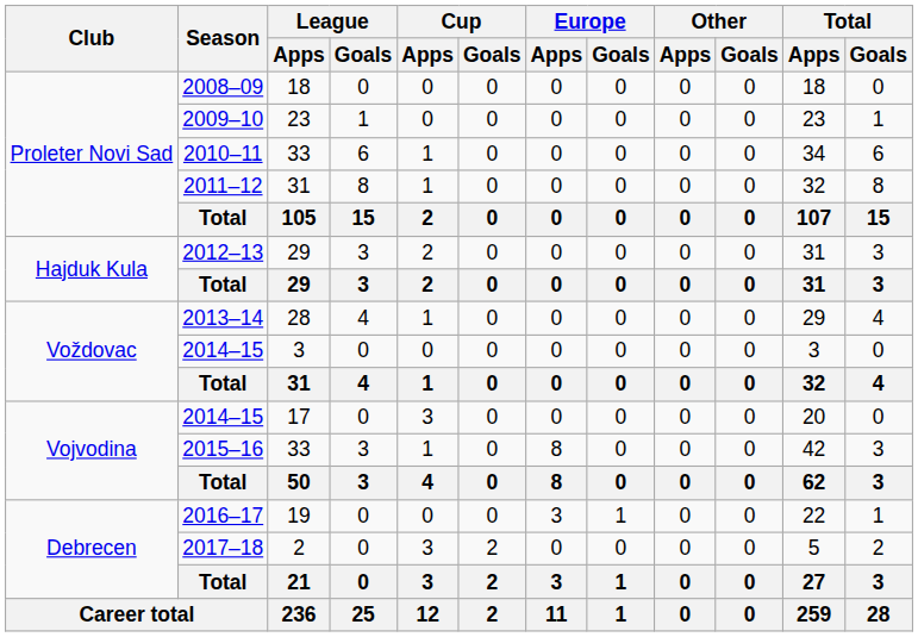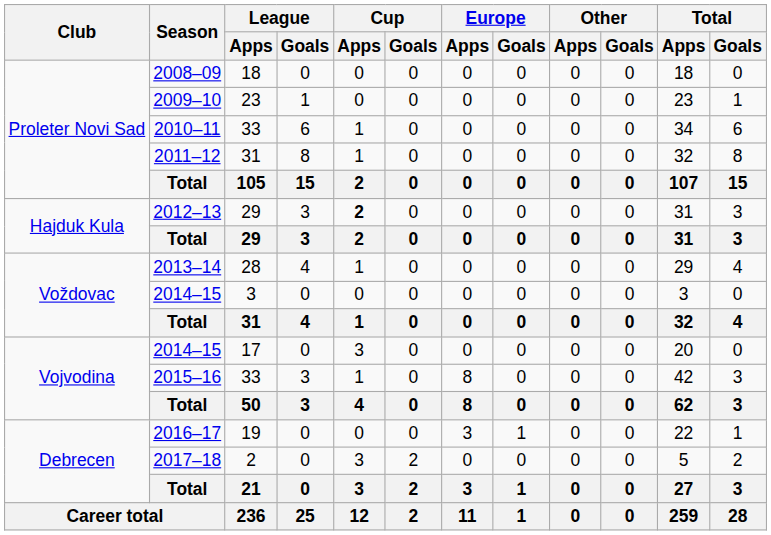 <table class="wikitable" style="text-align:center">
 <tr>
 <th rowspan="2">Club</th>
 <th rowspan="2">Season</th>
 <th colspan="2">League</th>
 <th colspan="2">Cup</th>
 <th colspan="2"><a href='#'>Europe</a></th>
 <th colspan="2">Other</th>
 <th colspan="2">Total</th>
 </tr>
 <tr>
 <th>Apps</th>
 <th>Goals</th>
 <th>Apps</th>
 <th>Goals</th>
 <th>Apps</th>
 <th>Goals</th>
 <th>Apps</th>
 <th>Goals</th>
 <th>Apps</th>
 <th>Goals</th>
 </tr>
 <tr>
 <td rowspan="5"><a href='#'>Proleter Novi Sad</a></td>
 <td><a href='#'>2008–09</a></td>
 <td>18</td>
 <td>0</td>
 <td>0</td>
 <td>0</td>
 <td>0</td>
 <td>0</td>
 <td>0</td>
 <td>0</td>
 <td>18</td>
 <td>0</td>
 </tr>
 <tr>
 <td><a href='#'>2009–10</a></td>
 <td>23</td>
 <td>1</td>
 <td>0</td>
 <td>0</td>
 <td>0</td>
 <td>0</td>
 <td>0</td>
 <td>0</td>
 <td>23</td>
 <td>1</td>
 </tr>
 <tr>
 <td><a href='#'>2010–11</a></td>
 <td>33</td>
 <td>6</td>
 <td>1</td>
 <td>0</td>
 <td>0</td>
 <td>0</td>
 <td>0</td>
 <td>0</td>
 <td>34</td>
 <td>6</td>
 </tr>
 <tr>
 <td><a href='#'>2011–12</a></td>
 <td>31</td>
 <td>8</td>
 <td>1</td>
 <td>0</td>
 <td>0</td>
 <td>0</td>
 <td>0</td>
 <td>0</td>
 <td>32</td>
 <td>8</td>
 </tr>
 <tr>
 <th>Total</th>
 <th>105</th>
 <th>15</th>
 <th>2</th>
 <th>0</th>
 <th>0</th>
 <th>0</th>
 <th>0</th>
 <th>0</th>
 <th>107</th>
 <th>15</th>
 </tr>
 <tr>
 <td rowspan="2"><a href='#'>Hajduk Kula</a></td>
 <td><a href='#'>2012–13</a></td>
 <td>29</td>
 <td>3</td>
-<td>2</td>
+<td><strong>2</strong></td>
 <td>0</td>
 <td>0</td>
 <td>0</td>
 <td>0</td>
 <td>0</td>
 <td>31</td>
 <td>3</td>
 </tr>
 <tr>
 <th>Total</th>
 <th>29</th>
 <th>3</th>
 <th>2</th>
 <th>0</th>
 <th>0</th>
 <th>0</th>
 <th>0</th>
 <th>0</th>
 <th>31</th>
 <th>3</th>
 </tr>
 <tr>
 <td rowspan="3"><a href='#'>Voždovac</a></td>
 <td><a href='#'>2013–14</a></td>
 <td>28</td>
 <td>4</td>
 <td>1</td>
 <td>0</td>
 <td>0</td>
 <td>0</td>
 <td>0</td>
 <td>0</td>
 <td>29</td>
 <td>4</td>
 </tr>
 <tr>
 <td><a href='#'>2014–15</a></td>
 <td>3</td>
 <td>0</td>
 <td>0</td>
 <td>0</td>
 <td>0</td>
 <td>0</td>
 <td>0</td>
 <td>0</td>
 <td>3</td>
 <td>0</td>
 </tr>
 <tr>
 <th>Total</th>
 <th>31</th>
 <th>4</th>
 <th>1</th>
 <th>0</th>
 <th>0</th>
 <th>0</th>
 <th>0</th>
 <th>0</th>
 <th>32</th>
 <th>4</th>
 </tr>
 <tr>
 <td rowspan="3"><a href='#'>Vojvodina</a></td>
 <td><a href='#'>2014–15</a></td>
 <td>17</td>
 <td>0</td>
 <td>3</td>
 <td>0</td>
 <td>0</td>
 <td>0</td>
 <td>0</td>
 <td>0</td>
 <td>20</td>
 <td>0</td>
 </tr>
 <tr>
 <td><a href='#'>2015–16</a></td>
 <td>33</td>
 <td>3</td>
 <td>1</td>
 <td>0</td>
 <td>8</td>
 <td>0</td>
 <td>0</td>
 <td>0</td>
 <td>42</td>
 <td>3</td>
 </tr>
 <tr>
 <th>Total</th>
 <th>50</th>
 <th>3</th>
 <th>4</th>
 <th>0</th>
 <th>8</th>
 <th>0</th>
 <th>0</th>
 <th>0</th>
 <th>62</th>
 <th>3</th>
 </tr>
 <tr>
 <td rowspan="3"><a href='#'>Debrecen</a></td>
 <td><a href='#'>2016–17</a></td>
 <td>19</td>
 <td>0</td>
 <td>0</td>
 <td>0</td>
 <td>3</td>
 <td>1</td>
 <td>0</td>
 <td>0</td>
 <td>22</td>
 <td>1</td>
 </tr>
 <tr>
 <td><a href='#'>2017–18</a></td>
 <td>2</td>
 <td>0</td>
 <td>3</td>
 <td>2</td>
 <td>0</td>
 <td>0</td>
 <td>0</td>
 <td>0</td>
 <td>5</td>
 <td>2</td>
 </tr>
 <tr>
 <th>Total</th>
 <th>21</th>
 <th>0</th>
 <th>3</th>
 <th>2</th>
 <th>3</th>
 <th>1</th>
 <th>0</th>
 <th>0</th>
 <th>27</th>
 <th>3</th>
 </tr>
 <tr>
 <th colspan="2">Career total</th>
 <th>236</th>
 <th>25</th>
 <th>12</th>
 <th>2</th>
 <th>11</th>
 <th>1</th>
 <th>0</th>
 <th>0</th>
 <th>259</th>
 <th>28</th>
 </tr>
 </table>
